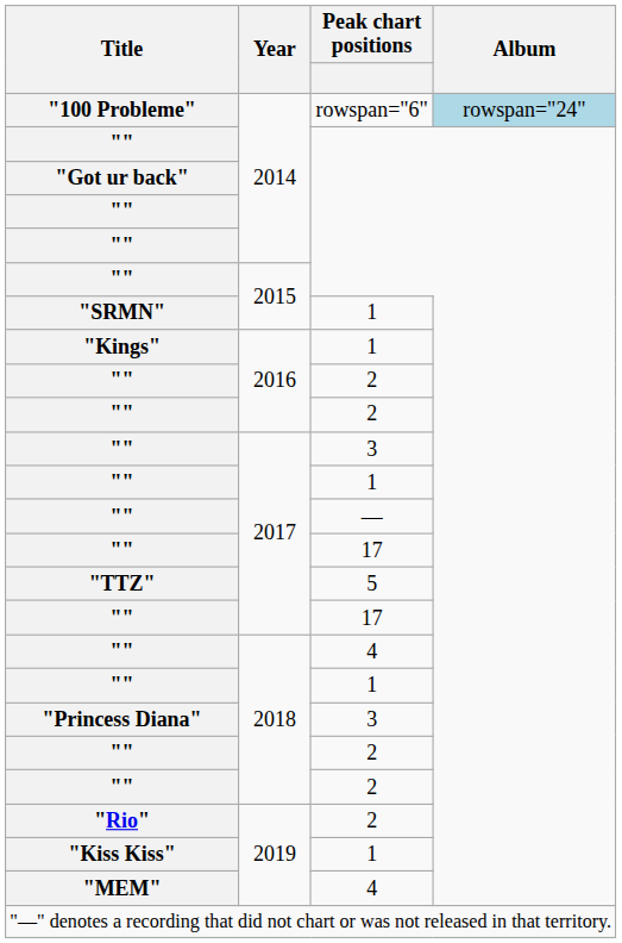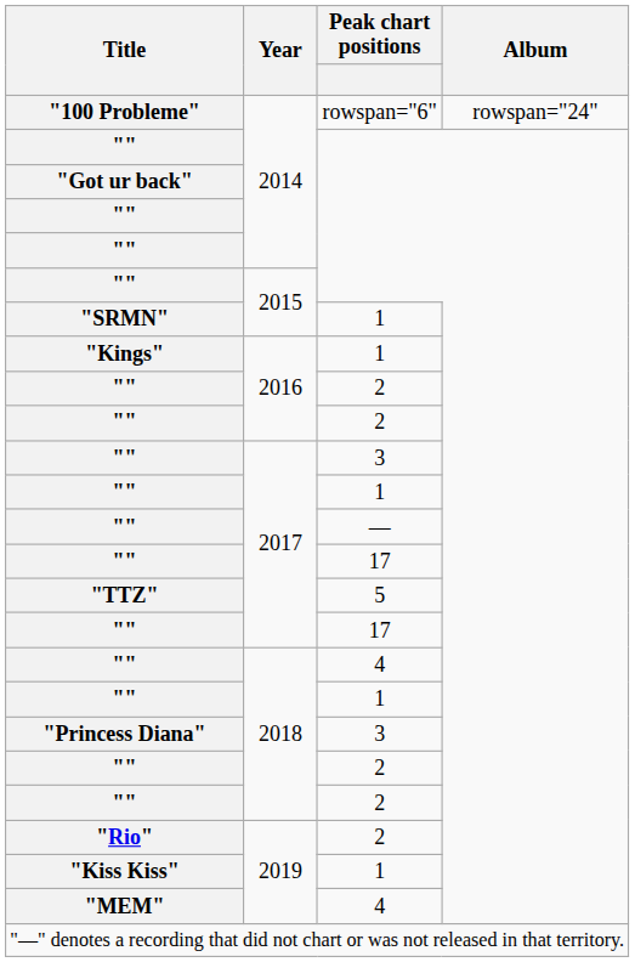 <table class="wikitable plainrowheaders" style="text-align:center;">
 <tr>
 <th scope="col" rowspan="2">Title</th>
 <th scope="col" rowspan="2">Year</th>
 <th scope="col" colspan="1">Peak chart positions</th>
 <th scope="col" rowspan="2">Album</th>
 </tr>
 <tr>
 <th style="width:3em; font-size:85%;"><a href='#'></a><br></th>
 </tr>
 <tr>
 <th scope="row">"100 Probleme"</th>
 <td rowspan="5">2014</td>
 <td>rowspan="6" </td>
-<td style="background: lightblue;">rowspan="24" </td>
+<td>rowspan="24" </td>
 </tr>
 <tr>
 <th scope="row">""</th>
 </tr>
 <tr>
 <th scope="row">"Got ur back"<br></th>
 </tr>
 <tr>
 <th scope="row">""</th>
 </tr>
 <tr>
 <th scope="row">""<br></th>
 </tr>
 <tr>
 <th scope="row">""<br></th>
 <td rowspan="2">2015</td>
 </tr>
 <tr>
 <th scope="row">"SRMN"</th>
 <td>1</td>
 </tr>
 <tr>
 <th scope="row">"Kings"</th>
 <td rowspan="3">2016</td>
 <td>1</td>
 </tr>
 <tr>
 <th scope="row">""<br></th>
 <td>2</td>
 </tr>
 <tr>
 <th scope="row">""</th>
 <td>2</td>
 </tr>
 <tr>
 <th scope="row">""<br></th>
 <td rowspan="6">2017</td>
 <td>3</td>
 </tr>
 <tr>
 <th scope="row">""</th>
 <td>1</td>
 </tr>
 <tr>
 <th scope="row">""<br></th>
 <td>—</td>
 </tr>
 <tr>
 <th scope="row">""<br></th>
 <td>17</td>
 </tr>
 <tr>
 <th scope="row">"TTZ"</th>
 <td>5</td>
 </tr>
 <tr>
 <th scope="row">""</th>
 <td>17</td>
 </tr>
 <tr>
 <th scope="row">""</th>
 <td rowspan="5">2018</td>
 <td>4</td>
 </tr>
 <tr>
 <th scope="row">""<br></th>
 <td>1</td>
 </tr>
 <tr>
 <th scope="row">"Princess Diana"<br></th>
 <td>3</td>
 </tr>
 <tr>
 <th scope="row">""<br></th>
 <td>2</td>
 </tr>
 <tr>
 <th scope="row">""<br></th>
 <td>2</td>
 </tr>
 <tr>
 <th scope="row">"<a href='#'>Rio</a>"</th>
 <td rowspan="3">2019</td>
 <td>2</td>
 </tr>
 <tr>
 <th scope="row">"Kiss Kiss"<br></th>
 <td>1</td>
 </tr>
 <tr>
 <th scope="row">"MEM"</th>
 <td>4</td>
 </tr>
 <tr>
 <td colspan="4" style="font-size:90%">"—" denotes a recording that did not chart or was not released in that territory.</td>
 </tr>
 </table>
